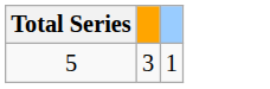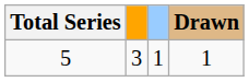 <table class="wikitable">
 <tr>
 <th>Total Series</th>
 <th style="background: Orange;"></th>
 <th style="background:#99ccff"></th>
+<th style="background:#deb887">Drawn</th>
 </tr>
 <tr>
 <td align="center">5</td>
 <td align="center">3</td>
 <td align="center">1</td>
+<td align="center">1</td>
 </tr>
 </table>
